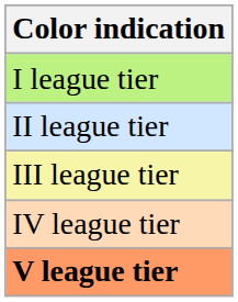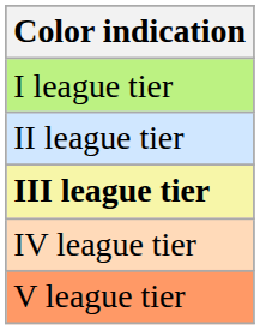 <table class="wikitable">
 <tr>
 <th>Color indication</th>
 </tr>
 <tr bgcolor=#BCF282>
 <td>I league tier</td>
 </tr>
 <tr bgcolor=#D0E7FF>
 <td>II league tier</td>
 </tr>
 <tr bgcolor=#F7F6A8>
-<td>III league tier</td>
+<td><strong>III league tier</strong></td>
 </tr>
 <tr bgcolor=#FFDAB9>
 <td>IV league tier</td>
 </tr>
 <tr bgcolor=#FF9966>
-<td><strong>V league tier</strong></td>
+<td>V league tier</td>
 </tr>
 </table>
